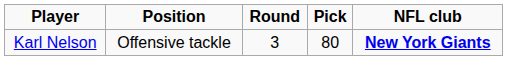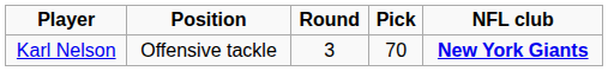 <table class="wikitable" width="80%">
 <tr align="center">
 <td><strong>Player</strong></td>
 <td><strong>Position</strong></td>
 <td><strong>Round</strong></td>
 <td><strong>Pick</strong></td>
 <td><strong>NFL club</strong></td>
 </tr>
 <tr align="center" bgcolor="">
 <td><a href='#'>Karl Nelson</a></td>
 <td>Offensive tackle</td>
 <td>3</td>
-<td>80</td>
+<td>70</td>
 <td><strong><a href='#'>New York Giants</a></strong></td>
 </tr>
 </table>
